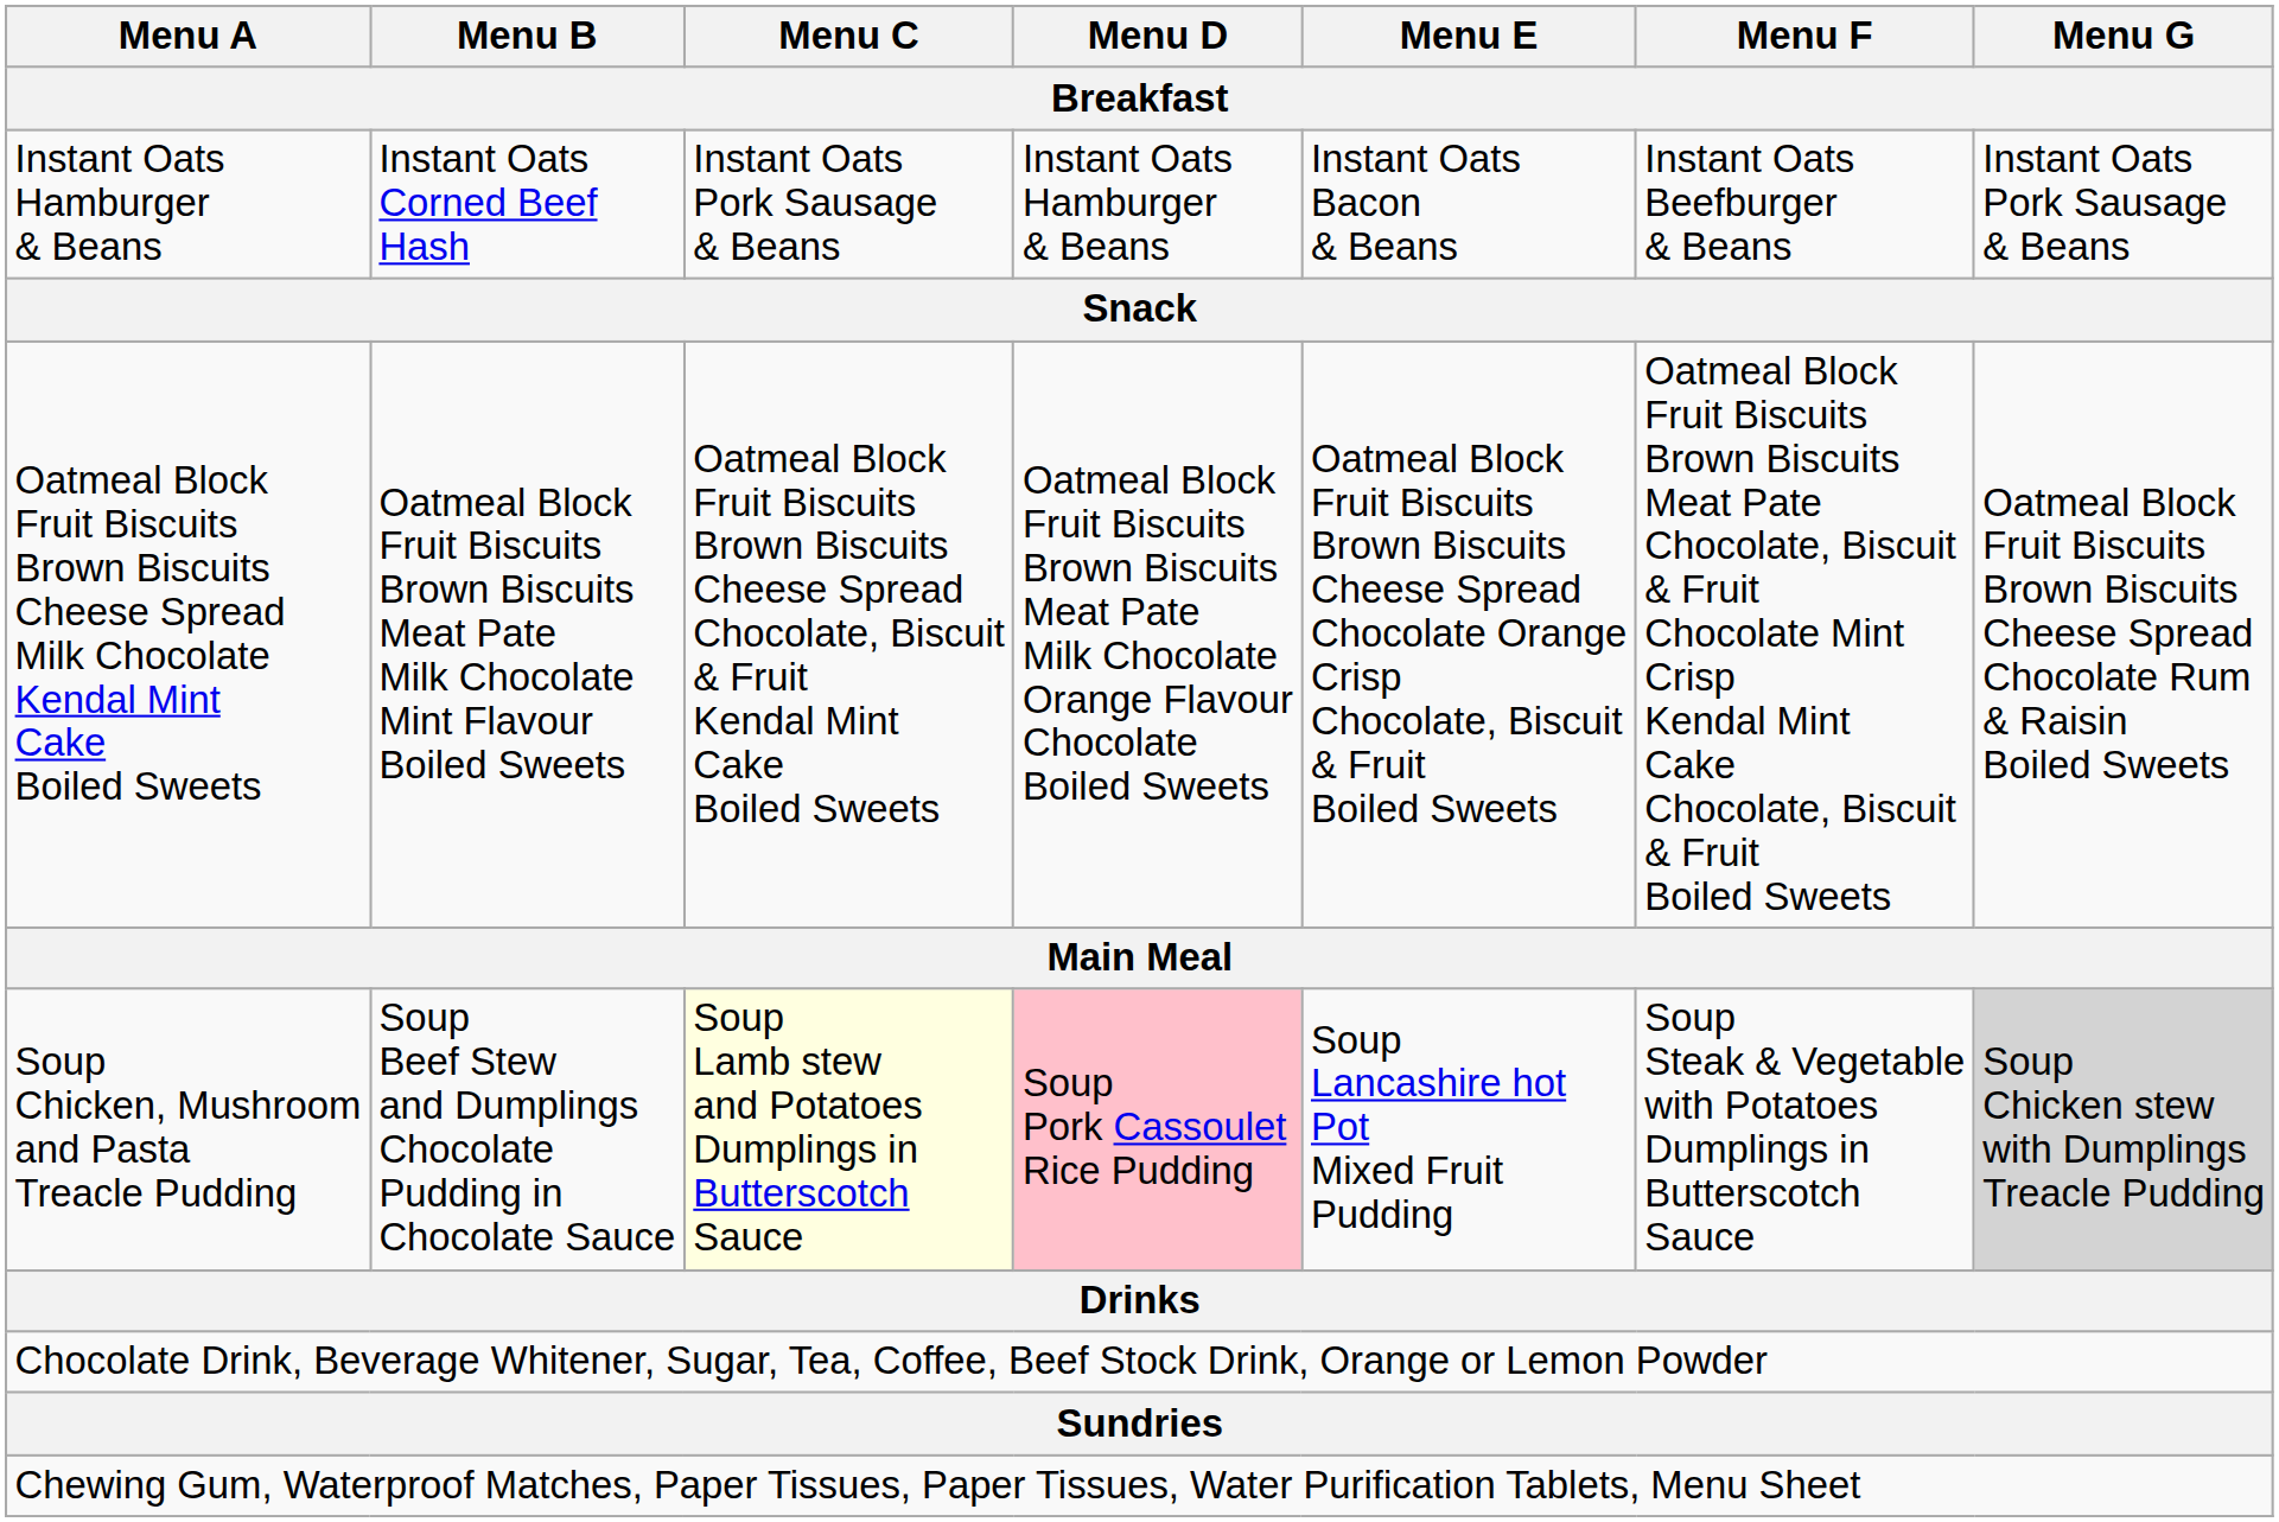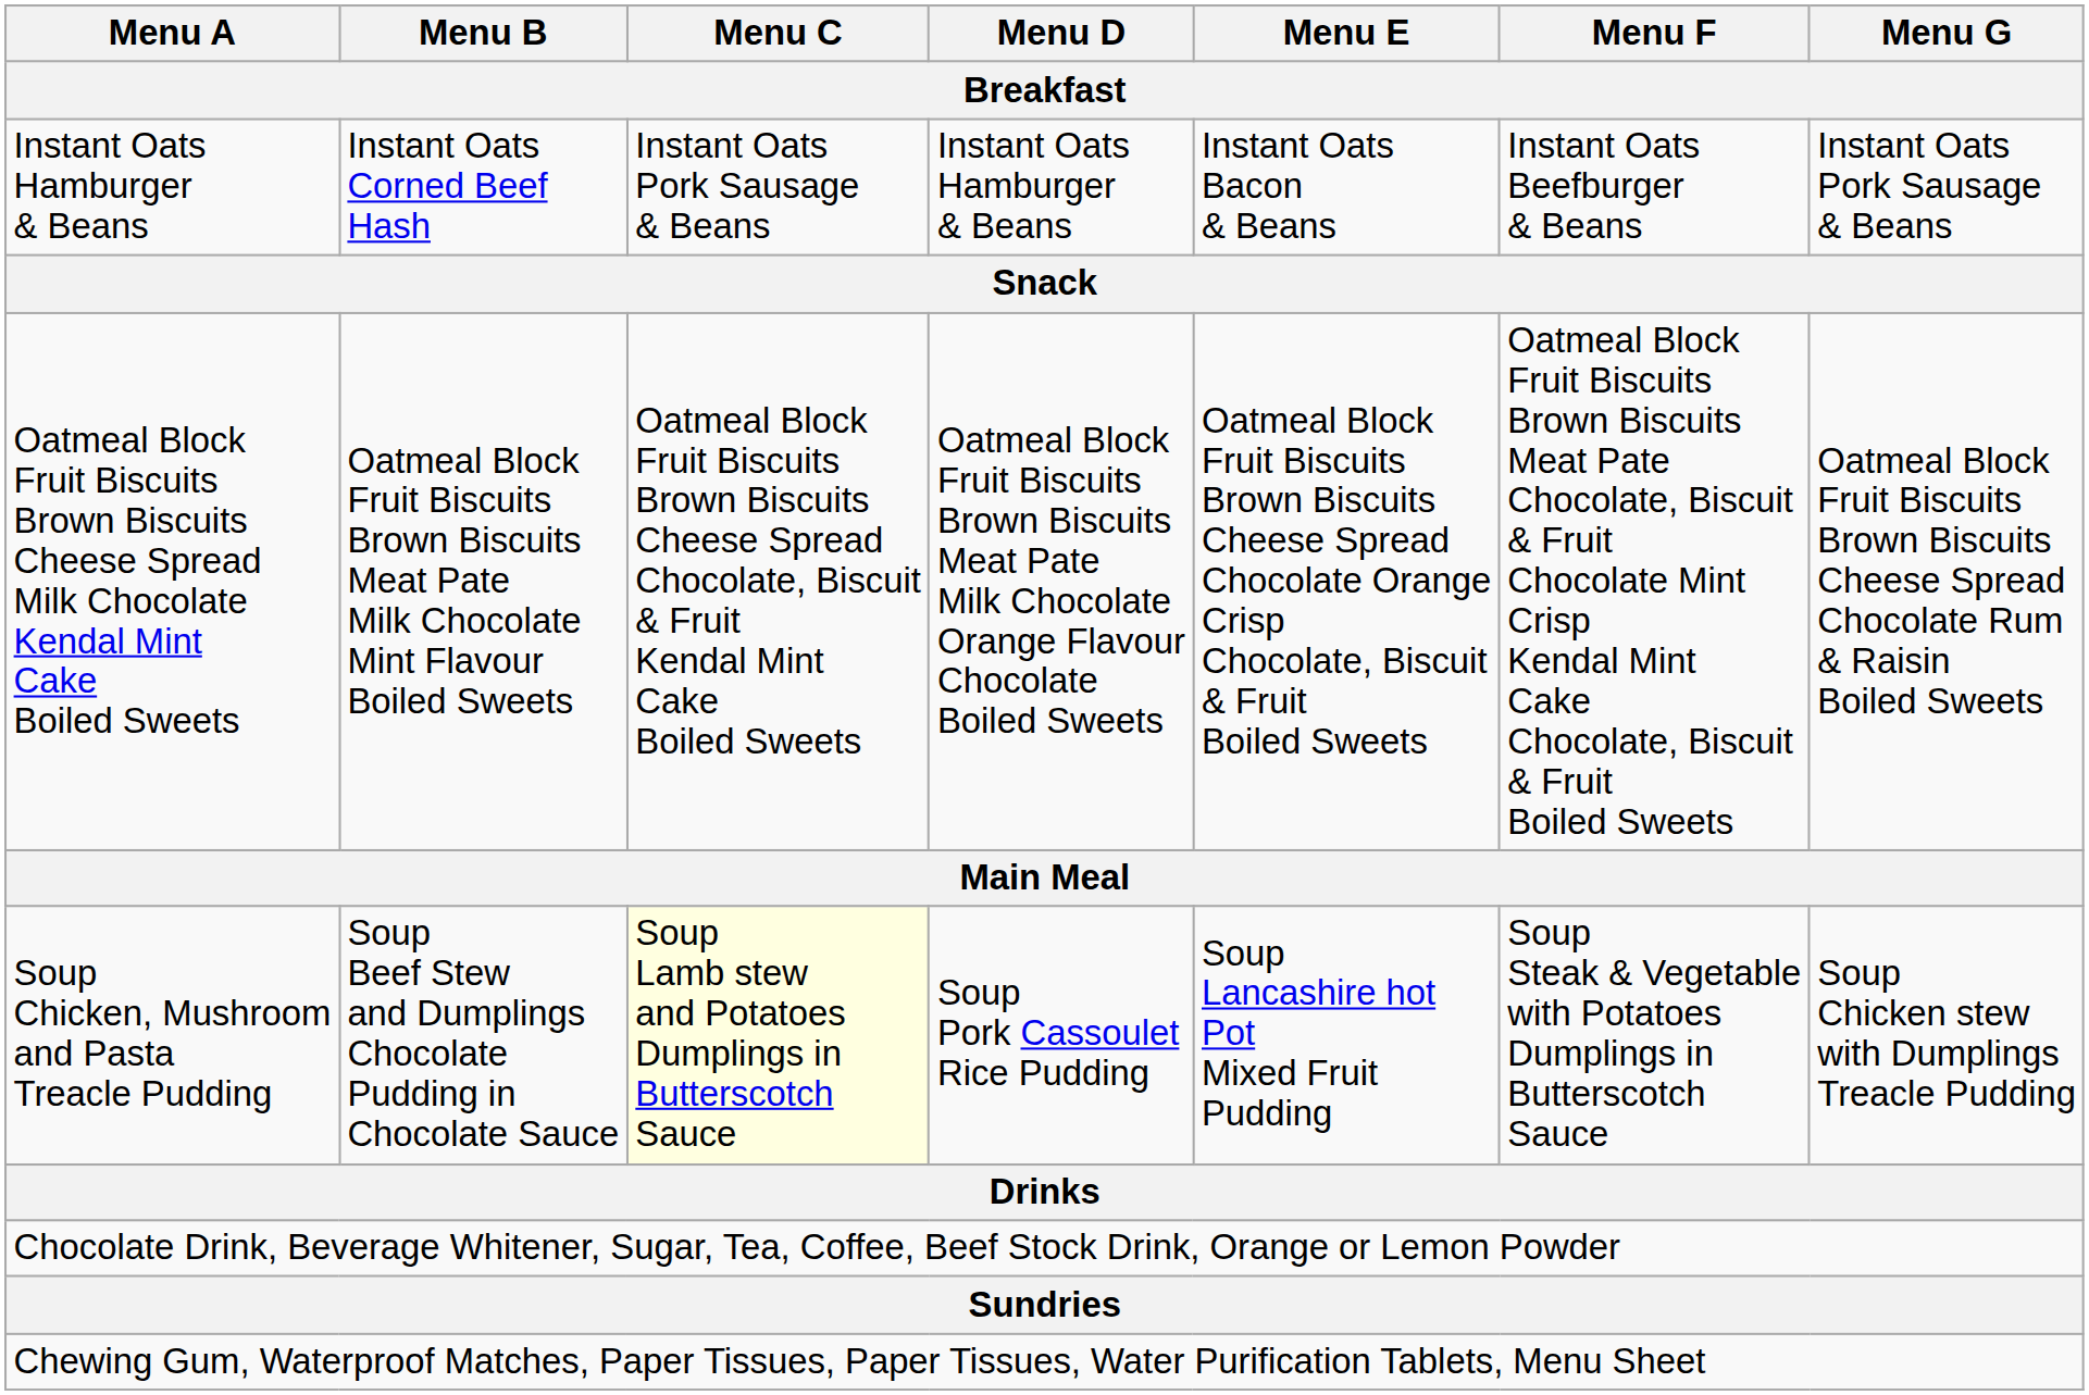 <table class="wikitable collapsible collapsed" style="min-width:400px">
 <tr>
 <th>Menu A</th>
 <th>Menu B</th>
 <th>Menu C</th>
 <th>Menu D</th>
 <th>Menu E</th>
 <th>Menu F</th>
 <th>Menu G</th>
 </tr>
 <tr>
 <th colspan="7">Breakfast</th>
 </tr>
 <tr>
 <td>Instant Oats<br>Hamburger<br>& Beans</td>
 <td>Instant Oats<br><a href='#'>Corned Beef</a><br><a href='#'>Hash</a></td>
 <td>Instant Oats<br>Pork Sausage<br>& Beans</td>
 <td>Instant Oats<br>Hamburger<br>& Beans</td>
 <td>Instant Oats<br>Bacon<br>& Beans</td>
 <td>Instant Oats<br>Beefburger<br>& Beans</td>
 <td>Instant Oats<br>Pork Sausage<br>& Beans</td>
 </tr>
 <tr>
 <th colspan="7">Snack</th>
 </tr>
 <tr>
 <td>Oatmeal Block<br>Fruit Biscuits<br>Brown Biscuits<br>Cheese Spread<br>Milk Chocolate<br><a href='#'>Kendal Mint</a><br><a href='#'>Cake</a><br>Boiled Sweets</td>
 <td>Oatmeal Block<br>Fruit Biscuits<br>Brown Biscuits<br>Meat Pate<br>Milk Chocolate<br>Mint Flavour<br>Boiled Sweets</td>
 <td>Oatmeal Block<br>Fruit Biscuits<br>Brown Biscuits<br>Cheese Spread<br>Chocolate, Biscuit<br>& Fruit<br>Kendal Mint<br>Cake<br>Boiled Sweets</td>
 <td>Oatmeal Block<br>Fruit Biscuits<br>Brown Biscuits<br>Meat Pate<br>Milk Chocolate<br>Orange Flavour<br>Chocolate<br>Boiled Sweets</td>
 <td>Oatmeal Block<br>Fruit Biscuits<br>Brown Biscuits<br>Cheese Spread<br>Chocolate Orange<br>Crisp<br>Chocolate, Biscuit<br>& Fruit<br>Boiled Sweets</td>
 <td>Oatmeal Block<br>Fruit Biscuits<br>Brown Biscuits<br>Meat Pate<br>Chocolate, Biscuit<br>& Fruit<br>Chocolate Mint<br>Crisp<br>Kendal Mint<br>Cake<br>Chocolate, Biscuit<br>& Fruit<br>Boiled Sweets</td>
 <td>Oatmeal Block<br>Fruit Biscuits<br>Brown Biscuits<br>Cheese Spread<br>Chocolate Rum<br>& Raisin<br>Boiled Sweets</td>
 </tr>
 <tr>
 <th colspan="7">Main Meal</th>
 </tr>
 <tr>
 <td>Soup<br>Chicken, Mushroom<br>and Pasta<br>Treacle Pudding</td>
 <td>Soup<br>Beef Stew<br>and Dumplings<br>Chocolate<br>Pudding in<br>Chocolate Sauce</td>
 <td style="background: lightyellow;">Soup<br>Lamb stew<br>and Potatoes<br>Dumplings in<br><a href='#'>Butterscotch</a><br>Sauce</td>
-<td style="background: pink;">Soup<br>Pork <a href='#'>Cassoulet</a><br>Rice Pudding</td>
+<td>Soup<br>Pork <a href='#'>Cassoulet</a><br>Rice Pudding</td>
 <td>Soup<br><a href='#'>Lancashire hot</a><br><a href='#'>Pot</a><br>Mixed Fruit<br>Pudding</td>
 <td>Soup<br>Steak & Vegetable<br>with Potatoes<br>Dumplings in<br>Butterscotch<br>Sauce</td>
-<td style="background: lightgrey;">Soup<br>Chicken stew<br>with Dumplings<br>Treacle Pudding</td>
+<td>Soup<br>Chicken stew<br>with Dumplings<br>Treacle Pudding</td>
 </tr>
 <tr>
 <th colspan="7">Drinks</th>
 </tr>
 <tr>
 <td colspan="7">Chocolate Drink, Beverage Whitener, Sugar, Tea, Coffee, Beef Stock Drink, Orange or Lemon Powder</td>
 </tr>
 <tr>
 <th colspan="7">Sundries</th>
 </tr>
 <tr>
 <td colspan="7">Chewing Gum, Waterproof Matches, Paper Tissues, Paper Tissues, Water Purification Tablets, Menu Sheet</td>
 </tr>
 </table>
